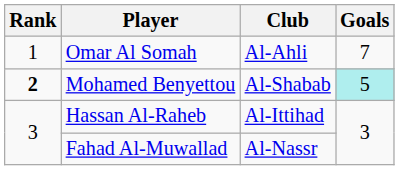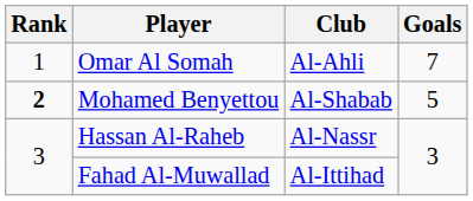 <table class="wikitable sortable" style="text-align:center">
 <tr>
 <th>Rank</th>
 <th>Player</th>
 <th>Club</th>
 <th>Goals</th>
 </tr>
 <tr>
 <td>1</td>
 <td align="left"> <a href='#'>Omar Al Somah</a></td>
 <td align="left"><a href='#'>Al-Ahli</a></td>
 <td>7</td>
 </tr>
 <tr>
 <td><strong>2</strong></td>
 <td align="left"> <a href='#'>Mohamed Benyettou</a></td>
 <td align="left"><a href='#'>Al-Shabab</a></td>
-<td style="background: paleturquoise;">5</td>
+<td>5</td>
 </tr>
 <tr>
 <td rowspan=2>3</td>
 <td align="left"> <a href='#'>Hassan Al-Raheb</a></td>
-<td align="left"><a href='#'>Al-Ittihad</a></td>
+<td align="left"><a href='#'>Al-Nassr</a></td>
 <td rowspan=2>3</td>
 </tr>
 <tr>
 <td align="left"> <a href='#'>Fahad Al-Muwallad</a></td>
-<td align="left"><a href='#'>Al-Nassr</a></td>
+<td align="left"><a href='#'>Al-Ittihad</a></td>
 </tr>
 </table>
